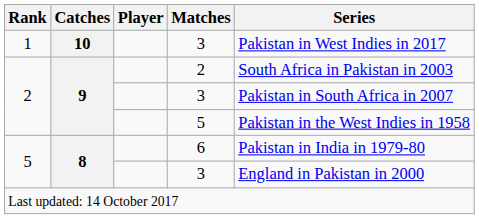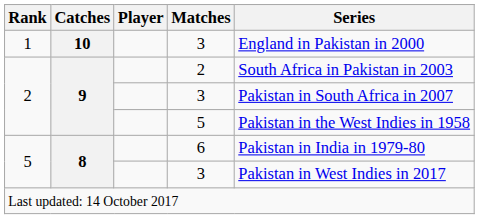 <table class="wikitable plainrowheaders sortable">
 <tr>
 <th scope="col">Rank</th>
 <th scope="col">Catches</th>
 <th scope="col">Player</th>
 <th scope="col">Matches</th>
 <th scope="col">Series</th>
 </tr>
 <tr>
 <td align=center>1</td>
 <th scope="row" style="text-align:center;">10</th>
 <td></td>
 <td align=center>3</td>
-<td><a href='#'>Pakistan in West Indies in 2017</a></td>
+<td><a href='#'>England in Pakistan in 2000</a></td>
 </tr>
 <tr>
 <td rowspan=3 align=center>2</td>
 <th scope="row" rowspan=3 style="text-align:center;">9</th>
 <td></td>
 <td align=center>2</td>
 <td><a href='#'>South Africa in Pakistan in 2003</a></td>
 </tr>
 <tr>
 <td></td>
 <td align=center>3</td>
 <td><a href='#'>Pakistan in South Africa in 2007</a></td>
 </tr>
 <tr>
 <td></td>
 <td align=center>5</td>
 <td><a href='#'>Pakistan in the West Indies in 1958</a></td>
 </tr>
 <tr>
 <td rowspan=2 align=center>5</td>
 <th scope="row" rowspan=2 style="text-align:center;">8</th>
 <td></td>
 <td align=center>6</td>
 <td><a href='#'>Pakistan in India in 1979-80</a></td>
 </tr>
 <tr>
 <td></td>
 <td align=center>3</td>
-<td><a href='#'>England in Pakistan in 2000</a></td>
+<td><a href='#'>Pakistan in West Indies in 2017</a></td>
 </tr>
 <tr class=sortbottom>
 <td colspan=5><small>Last updated: 14 October 2017</small></td>
 </tr>
 </table>
